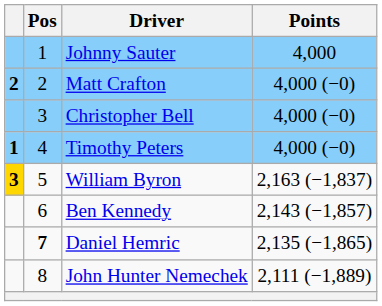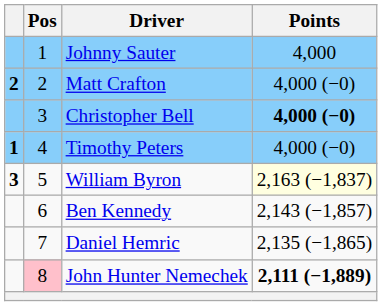 <table class="wikitable" style="font-size: 95%;">
 <tr>
 <th></th>
 <th>Pos</th>
 <th>Driver</th>
 <th>Points</th>
 </tr>
 <tr style="background:#87CEFA;">
 <td align="left"></td>
 <td style="text-align:center;">1</td>
 <td><a href='#'>Johnny Sauter</a></td>
 <td style="text-align:center;">4,000</td>
 </tr>
 <tr style="background:#87CEFA;">
 <td align="left"> <strong>2</strong></td>
 <td style="text-align:center;">2</td>
 <td><a href='#'>Matt Crafton</a></td>
 <td style="text-align:center;">4,000 (−0)</td>
 </tr>
 <tr style="background:#87CEFA;">
 <td align="left"></td>
 <td style="text-align:center;">3</td>
 <td><a href='#'>Christopher Bell</a></td>
-<td style="text-align:center;">4,000 (−0)</td>
+<td style="text-align:center;"><strong>4,000 (−0)</strong></td>
 </tr>
 <tr style="background:#87CEFA;">
 <td align="left"> <strong>1</strong></td>
 <td style="text-align:center;">4</td>
 <td><a href='#'>Timothy Peters</a></td>
 <td style="text-align:center;">4,000 (−0)</td>
 </tr>
 <tr>
-<td align="left" style="background: gold;"> <strong>3</strong></td>
+<td align="left"> <strong>3</strong></td>
 <td style="text-align:center;">5</td>
 <td><a href='#'>William Byron</a></td>
-<td style="text-align:center;">2,163 (−1,837)</td>
+<td style="background: lightyellow; text-align:center;">2,163 (−1,837)</td>
 </tr>
 <tr>
 <td align="left"></td>
 <td style="text-align:center;">6</td>
 <td><a href='#'>Ben Kennedy</a></td>
 <td style="text-align:center;">2,143 (−1,857)</td>
 </tr>
 <tr>
 <td align="left"></td>
-<td style="text-align:center;"><strong>7</strong></td>
+<td style="text-align:center;">7</td>
 <td><a href='#'>Daniel Hemric</a></td>
 <td style="text-align:center;">2,135 (−1,865)</td>
 </tr>
 <tr>
 <td align="left"></td>
-<td style="text-align:center;">8</td>
+<td style="background: pink; text-align:center;">8</td>
 <td><a href='#'>John Hunter Nemechek</a></td>
-<td style="text-align:center;">2,111 (−1,889)</td>
+<td style="text-align:center;"><strong>2,111 (−1,889)</strong></td>
 </tr>
 <tr class="sortbottom">
 <th colspan="9"></th>
 </tr>
 </table>
